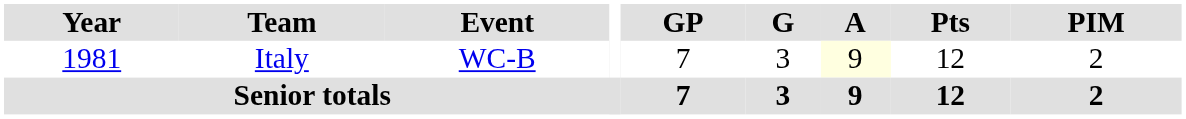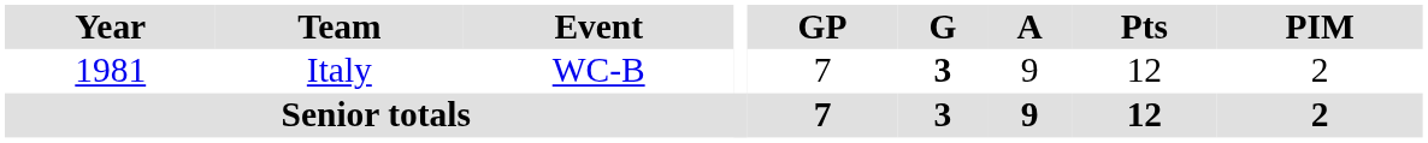 <table border="0" cellpadding="1" cellspacing="0" ID="Table3" style="text-align:center; width:40em">
 <tr bgcolor="#e0e0e0">
 <th>Year</th>
 <th>Team</th>
 <th>Event</th>
 <th rowspan="102" bgcolor="#ffffff"></th>
 <th>GP</th>
 <th>G</th>
 <th>A</th>
 <th>Pts</th>
 <th>PIM</th>
 </tr>
 <tr>
 <td><a href='#'>1981</a></td>
 <td><a href='#'>Italy</a></td>
 <td><a href='#'>WC-B</a></td>
 <td>7</td>
-<td>3</td>
-<td style="background: lightyellow;">9</td>
+<td><strong>3</strong></td>
+<td>9</td>
 <td>12</td>
 <td>2</td>
 </tr>
 <tr bgcolor="#e0e0e0">
 <th colspan="4">Senior totals</th>
 <th>7</th>
 <th>3</th>
 <th>9</th>
 <th>12</th>
 <th>2</th>
 </tr>
 </table>
